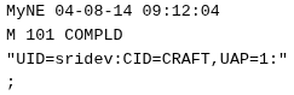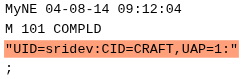 <table>
 <tr>
 <td>MyNE 04-08-14 09:12:04</td>
 </tr>
 <tr>
 <td>M 101 COMPLD</td>
 </tr>
 <tr>
-<td>"UID=sridev:CID=CRAFT,UAP=1:"</td>
+<td style="background: lightsalmon;">"UID=sridev:CID=CRAFT,UAP=1:"</td>
 </tr>
 <tr>
 <td>;</td>
 </tr>
 </table>
